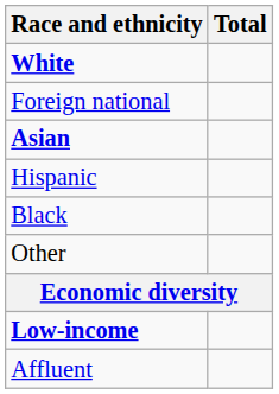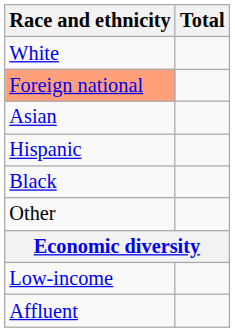 <table class="wikitable floatright sortable collapsible"; text-align:right; font-size:80%;">
 <tr>
 <th>Race and ethnicity</th>
 <th colspan="2" data-sort-type=number>Total</th>
 </tr>
 <tr>
-<td><strong><a href='#'>White</a></strong></td>
+<td><a href='#'>White</a></td>
 <td align=right></td>
 </tr>
 <tr>
-<td><a href='#'>Foreign national</a></td>
+<td style="background: lightsalmon;"><a href='#'>Foreign national</a></td>
 <td align=right></td>
 </tr>
 <tr>
-<td><strong><a href='#'>Asian</a></strong></td>
+<td><a href='#'>Asian</a></td>
 <td align=right></td>
 </tr>
 <tr>
 <td><a href='#'>Hispanic</a></td>
 <td align=right></td>
 </tr>
 <tr>
 <td><a href='#'>Black</a></td>
 <td align=right></td>
 </tr>
 <tr>
 <td>Other</td>
 <td align=right></td>
 </tr>
 <tr>
 <th colspan="4" data-sort-type=number><a href='#'>Economic diversity</a></th>
 </tr>
 <tr>
-<td><strong><a href='#'>Low-income</a></strong></td>
+<td><a href='#'>Low-income</a></td>
 <td align=right></td>
 </tr>
 <tr>
 <td><a href='#'>Affluent</a></td>
 <td align=right></td>
 </tr>
 </table>
